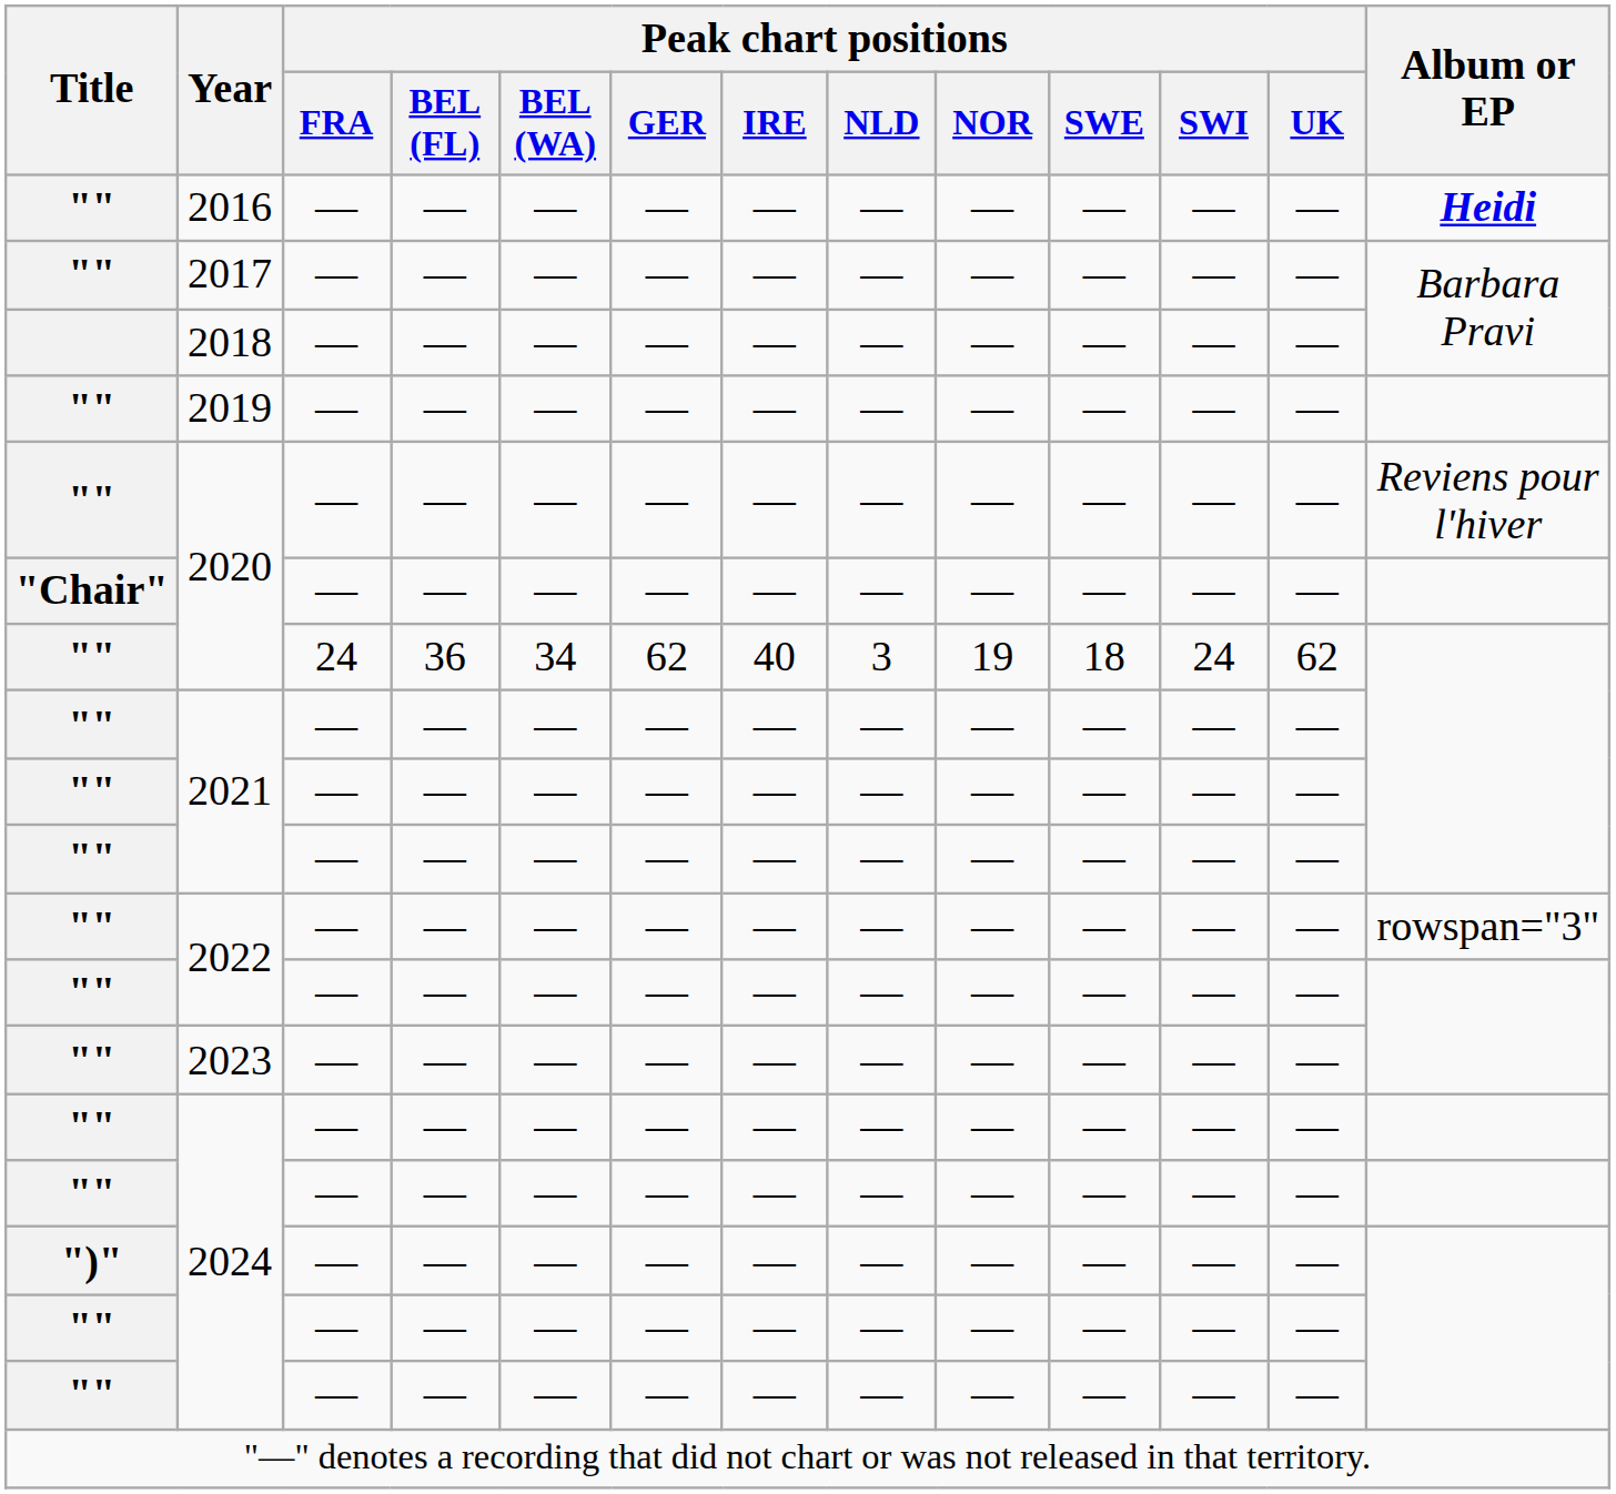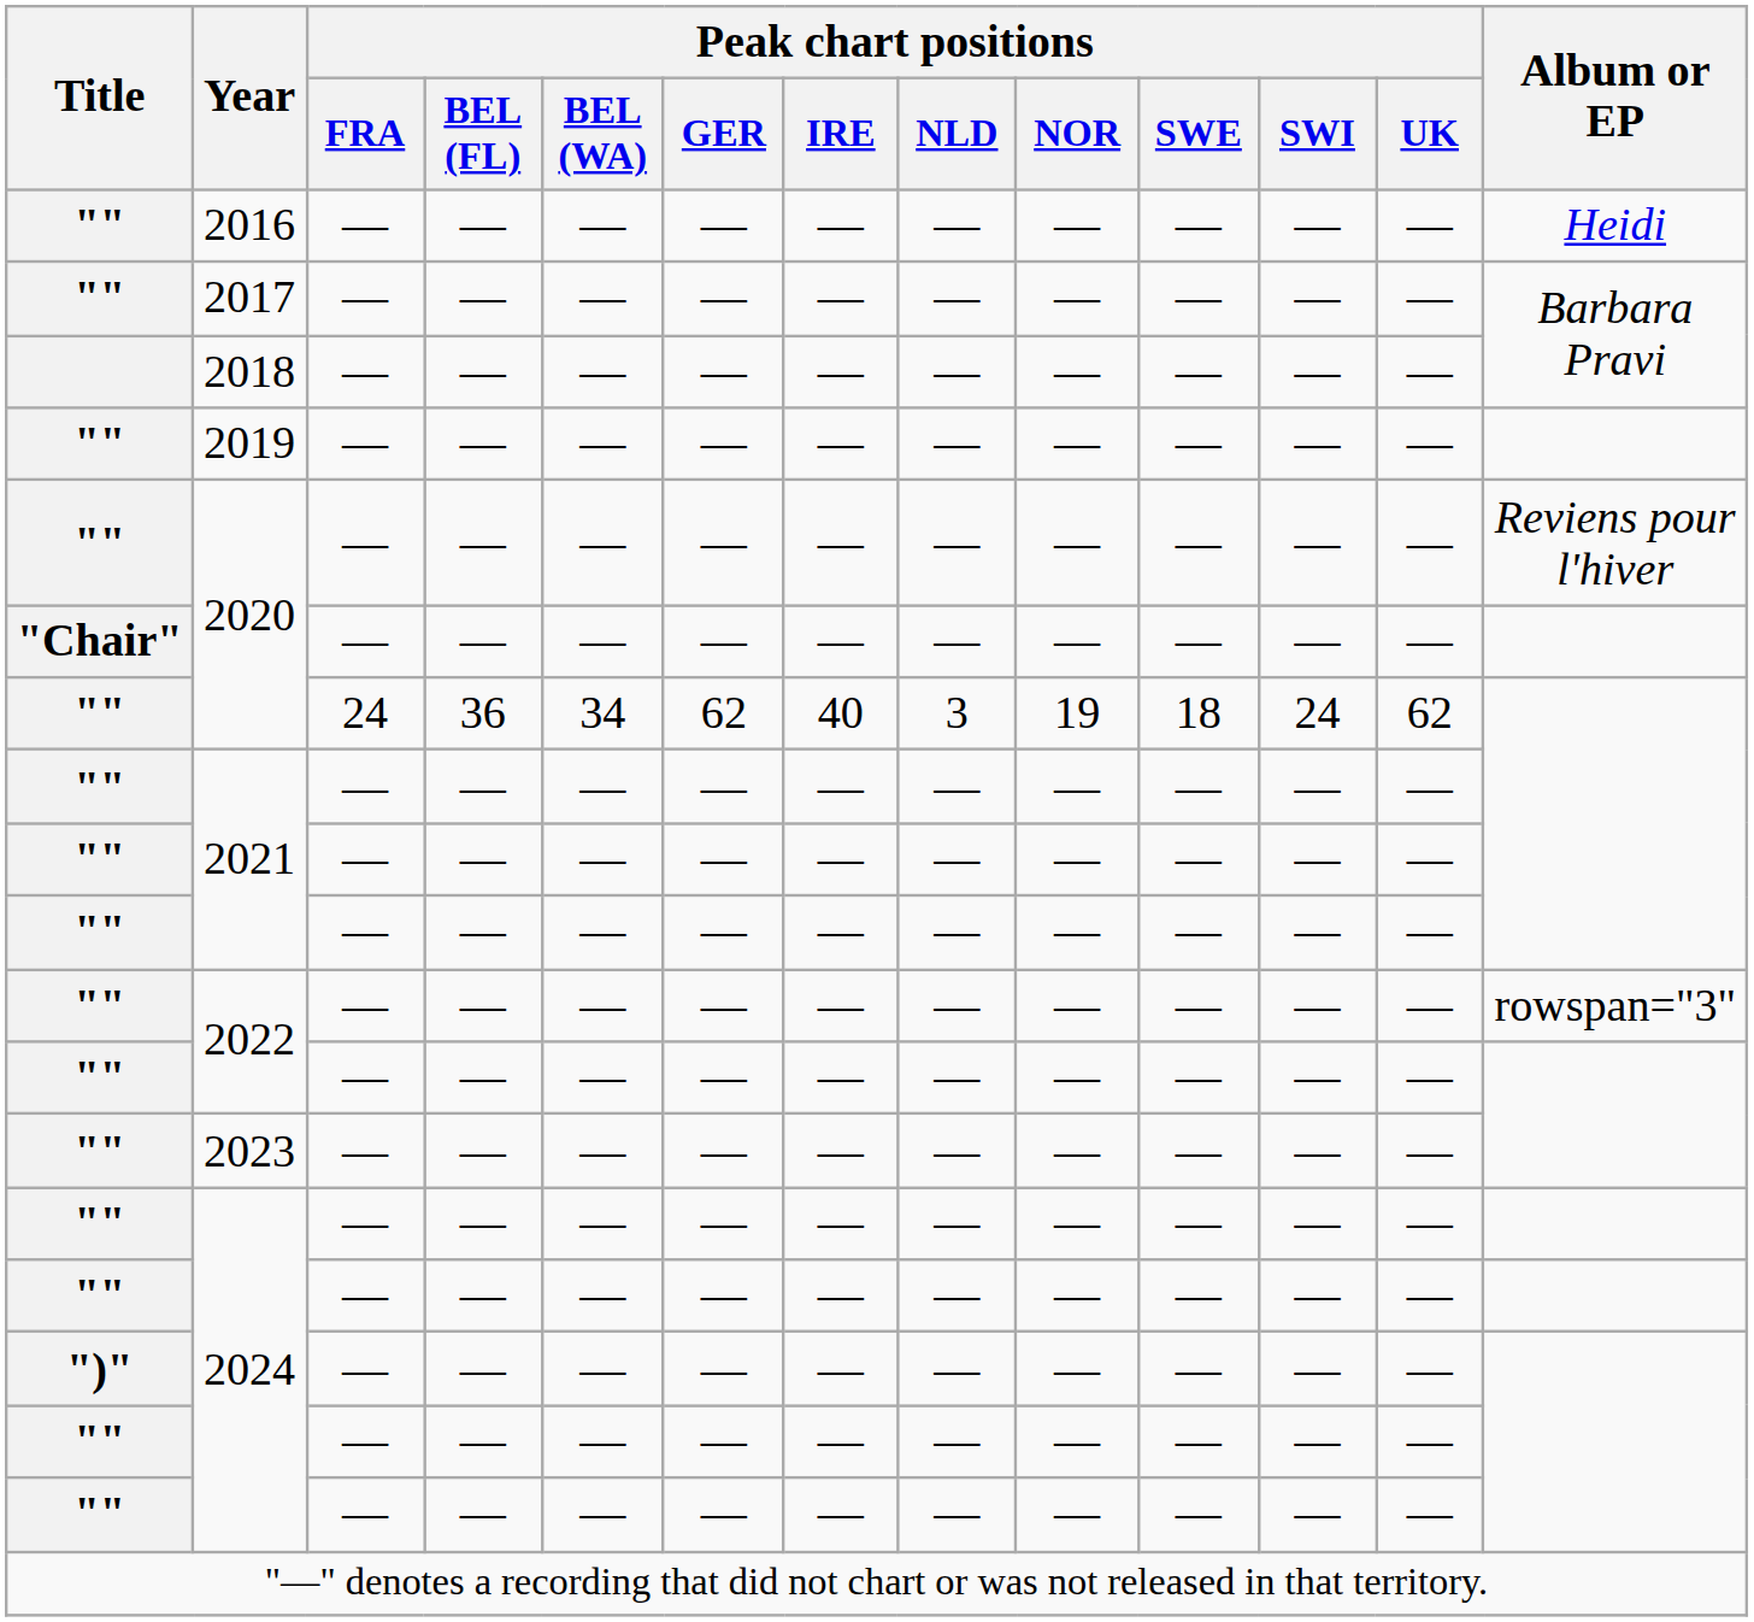 <table class="wikitable plainrowheaders" style="text-align:center;">
 <tr>
 <th scope="col" rowspan="2">Title</th>
 <th scope="col" rowspan="2">Year</th>
 <th scope="col" colspan="10">Peak chart positions</th>
 <th scope="col" rowspan="2">Album or EP</th>
 </tr>
 <tr>
 <th scope="col" style="width:3em;font-size:85%;"><a href='#'>FRA</a><br></th>
 <th scope="col" style="width:3em;font-size:85%;"><a href='#'>BEL<br>(FL)</a><br></th>
 <th scope="col" style="width:3em;font-size:85%;"><a href='#'>BEL<br>(WA)</a><br></th>
 <th scope="col" style="width:3em;font-size:85%;"><a href='#'>GER</a><br></th>
 <th scope="col" style="width:3em;font-size:85%;"><a href='#'>IRE</a><br></th>
 <th scope="col" style="width:3em;font-size:85%;"><a href='#'>NLD</a><br></th>
 <th scope="col" style="width:3em;font-size:85%;"><a href='#'>NOR</a><br></th>
 <th scope="col" style="width:3em;font-size:85%;"><a href='#'>SWE</a><br></th>
 <th scope="col" style="width:3em;font-size:85%;"><a href='#'>SWI</a><br></th>
 <th scope="col" style="width:3em;font-size:85%;"><a href='#'>UK</a><br></th>
 </tr>
 <tr>
 <th scope="row">""</th>
 <td>2016</td>
 <td>—</td>
 <td>—</td>
 <td>—</td>
 <td>—</td>
 <td>—</td>
 <td>—</td>
 <td>—</td>
 <td>—</td>
 <td>—</td>
 <td>—</td>
-<td><strong><em><a href='#'>Heidi</a></em></strong></td>
+<td><em><a href='#'>Heidi</a></em></td>
 </tr>
 <tr>
 <th scope="row">""</th>
 <td>2017</td>
 <td>—</td>
 <td>—</td>
 <td>—</td>
 <td>—</td>
 <td>—</td>
 <td>—</td>
 <td>—</td>
 <td>—</td>
 <td>—</td>
 <td>—</td>
 <td rowspan="2"><em>Barbara Pravi</em></td>
 </tr>
 <tr>
 <th scope="row"></th>
 <td>2018</td>
 <td>—</td>
 <td>—</td>
 <td>—</td>
 <td>—</td>
 <td>—</td>
 <td>—</td>
 <td>—</td>
 <td>—</td>
 <td>—</td>
 <td>—</td>
 </tr>
 <tr>
 <th scope="row">""</th>
 <td>2019</td>
 <td>—</td>
 <td>—</td>
 <td>—</td>
 <td>—</td>
 <td>—</td>
 <td>—</td>
 <td>—</td>
 <td>—</td>
 <td>—</td>
 <td>—</td>
 <td></td>
 </tr>
 <tr>
 <th scope="row">""</th>
 <td rowspan="3">2020</td>
 <td>—</td>
 <td>—</td>
 <td>—</td>
 <td>—</td>
 <td>—</td>
 <td>—</td>
 <td>—</td>
 <td>—</td>
 <td>—</td>
 <td>—</td>
 <td><em>Reviens pour l'hiver</em></td>
 </tr>
 <tr>
 <th scope="row">"Chair"</th>
 <td>—</td>
 <td>—</td>
 <td>—</td>
 <td>—</td>
 <td>—</td>
 <td>—</td>
 <td>—</td>
 <td>—</td>
 <td>—</td>
 <td>—</td>
 <td></td>
 </tr>
 <tr>
 <th scope="row">""</th>
 <td>24</td>
 <td>36</td>
 <td>34</td>
 <td>62</td>
 <td>40<br></td>
 <td>3</td>
 <td>19</td>
 <td>18</td>
 <td>24</td>
 <td>62</td>
 <td rowspan="4"></td>
 </tr>
 <tr>
 <th scope="row">""</th>
 <td rowspan="3">2021</td>
 <td>—</td>
 <td>—</td>
 <td>—</td>
 <td>—</td>
 <td>—</td>
 <td>—</td>
 <td>—</td>
 <td>—</td>
 <td>—</td>
 <td>—</td>
 </tr>
 <tr>
 <th scope="row">""</th>
 <td>—</td>
 <td>—</td>
 <td>—</td>
 <td>—</td>
 <td>—</td>
 <td>—</td>
 <td>—</td>
 <td>—</td>
 <td>—</td>
 <td>—</td>
 </tr>
 <tr>
 <th scope="row">""</th>
 <td>—</td>
 <td>—</td>
 <td>—</td>
 <td>—</td>
 <td>—</td>
 <td>—</td>
 <td>—</td>
 <td>—</td>
 <td>—</td>
 <td>—</td>
 </tr>
 <tr>
 <th scope="row">""</th>
 <td rowspan="2">2022</td>
 <td>—</td>
 <td>—</td>
 <td>—</td>
 <td>—</td>
 <td>—</td>
 <td>—</td>
 <td>—</td>
 <td>—</td>
 <td>—</td>
 <td>—</td>
 <td>rowspan="3" </td>
 </tr>
 <tr>
 <th scope="row">""</th>
 <td>—</td>
 <td>—</td>
 <td>—</td>
 <td>—</td>
 <td>—</td>
 <td>—</td>
 <td>—</td>
 <td>—</td>
 <td>—</td>
 <td>—</td>
 </tr>
 <tr>
 <th scope="row">""</th>
 <td>2023</td>
 <td>—</td>
 <td>—</td>
 <td>—</td>
 <td>—</td>
 <td>—</td>
 <td>—</td>
 <td>—</td>
 <td>—</td>
 <td>—</td>
 <td>—</td>
 </tr>
 <tr>
 <th scope="row">""</th>
 <td rowspan="5">2024</td>
 <td>—</td>
 <td>—</td>
 <td>—</td>
 <td>—</td>
 <td>—</td>
 <td>—</td>
 <td>—</td>
 <td>—</td>
 <td>—</td>
 <td>—</td>
 <td></td>
 </tr>
 <tr>
 <th scope="row">""</th>
 <td>—</td>
 <td>—</td>
 <td>—</td>
 <td>—</td>
 <td>—</td>
 <td>—</td>
 <td>—</td>
 <td>—</td>
 <td>—</td>
 <td>—</td>
 <td></td>
 </tr>
 <tr>
 <th scope="row">")"</th>
 <td>—</td>
 <td>—</td>
 <td>—</td>
 <td>—</td>
 <td>—</td>
 <td>—</td>
 <td>—</td>
 <td>—</td>
 <td>—</td>
 <td>—</td>
 <td rowspan="3"></td>
 </tr>
 <tr>
 <th scope="row">""</th>
 <td>—</td>
 <td>—</td>
 <td>—</td>
 <td>—</td>
 <td>—</td>
 <td>—</td>
 <td>—</td>
 <td>—</td>
 <td>—</td>
 <td>—</td>
 </tr>
 <tr>
 <th scope="row">""</th>
 <td>—</td>
 <td>—</td>
 <td>—</td>
 <td>—</td>
 <td>—</td>
 <td>—</td>
 <td>—</td>
 <td>—</td>
 <td>—</td>
 <td>—</td>
 </tr>
 <tr>
 <td colspan="13" style="font-size:85%">"—" denotes a recording that did not chart or was not released in that territory.</td>
 </tr>
 </table>
